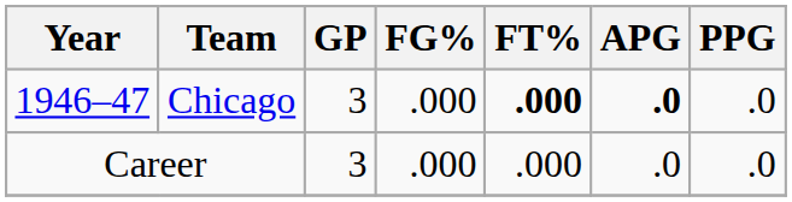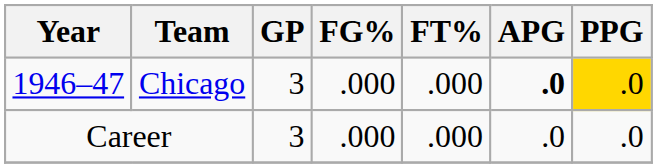 <table class="wikitable sortable" style="font-size:95%; text-align:right;">
 <tr>
 <th>Year</th>
 <th>Team</th>
 <th>GP</th>
 <th>FG%</th>
 <th>FT%</th>
 <th>APG</th>
 <th>PPG</th>
 </tr>
 <tr>
 <td style="text-align:left;"><a href='#'>1946–47</a></td>
 <td style="text-align:left;"><a href='#'>Chicago</a></td>
 <td>3</td>
 <td>.000</td>
-<td><strong>.000</strong></td>
+<td>.000</td>
 <td><strong>.0</strong></td>
-<td>.0</td>
+<td style="background: gold;">.0</td>
 </tr>
 <tr>
 <td style="text-align:center;" colspan="2">Career</td>
 <td>3</td>
 <td>.000</td>
 <td>.000</td>
 <td>.0</td>
 <td>.0</td>
 </tr>
 <tr>
 </tr>
 </table>
